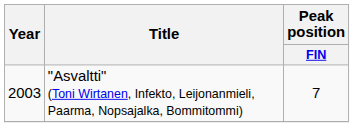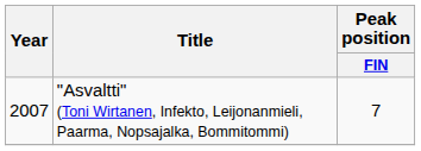 <table class="wikitable">
 <tr>
 <th rowspan="2" width=10>Year</th>
 <th rowspan="2" style="width:250px;">Title</th>
 <th colspan="2" width=5>Peak<br>position</th>
 </tr>
 <tr>
 <th style="width;font-size:85%"><a href='#'>FIN</a> <br></th>
 </tr>
 <tr>
-<td>2003</td>
+<td>2007</td>
 <td>"Asvaltti" <br><small>(<a href='#'>Toni Wirtanen</a>, Infekto, Leijonanmieli,<br>Paarma, Nopsajalka, Bommitommi)</small></td>
 <td style="text-align:center;">7</td>
 </tr>
 <tr>
 </tr>
 </table>
